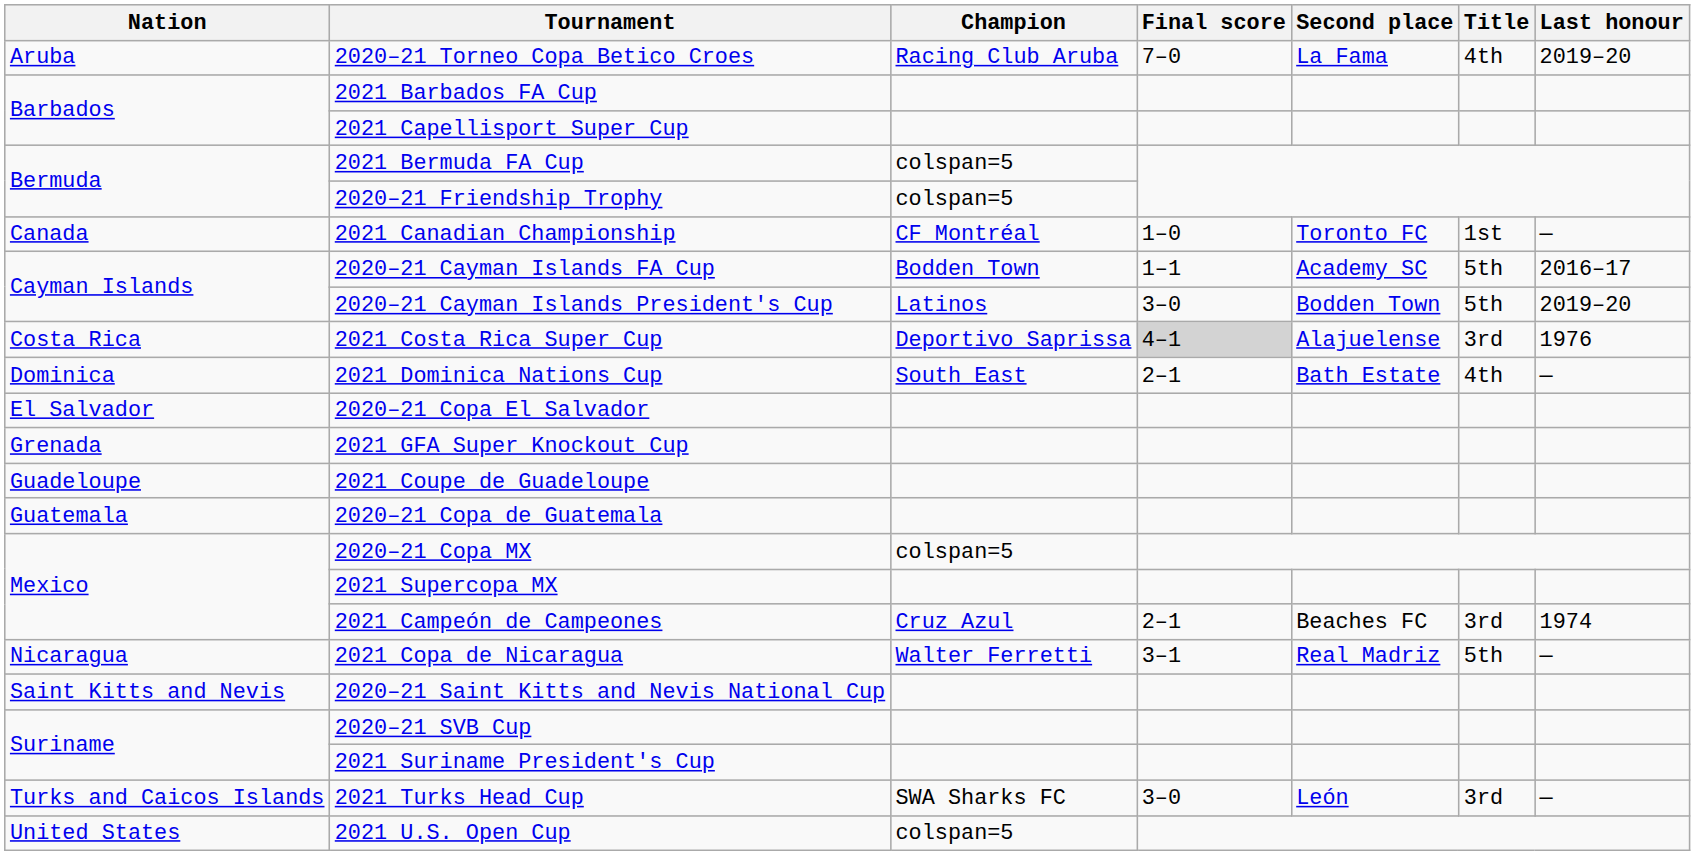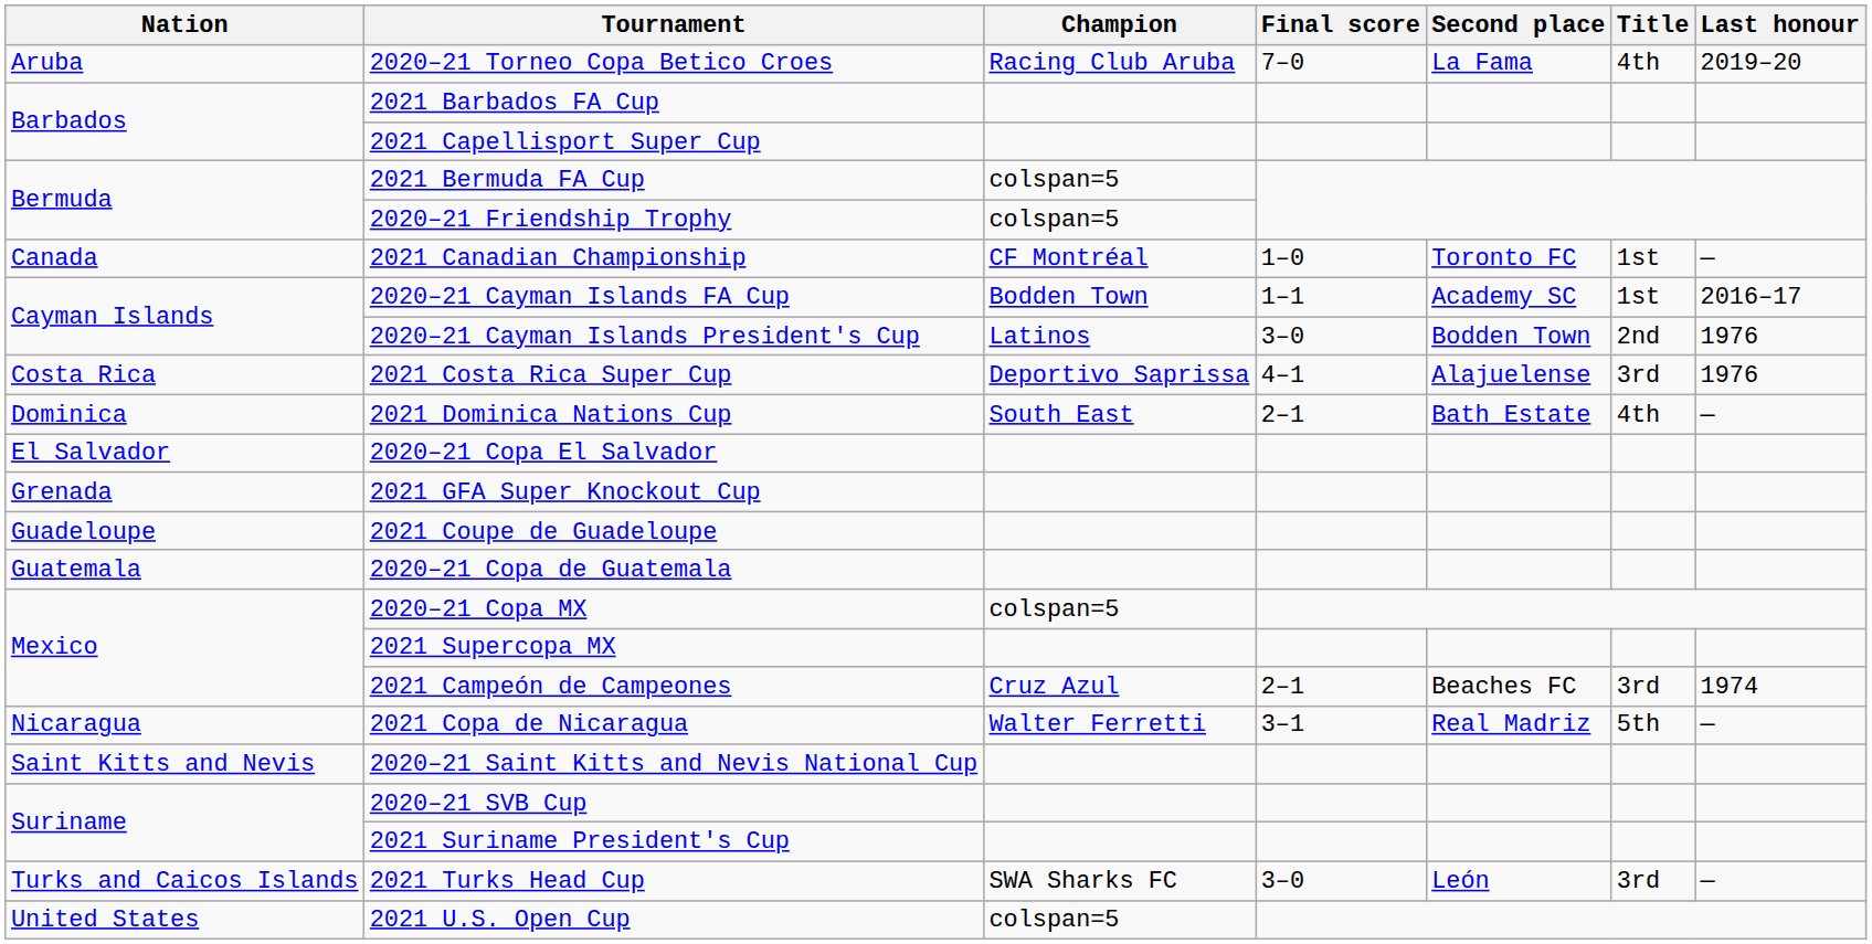 <table class=wikitable style="font-size:14px">
 <tr>
 <th>Nation</th>
 <th>Tournament</th>
 <th>Champion</th>
 <th>Final score</th>
 <th>Second place</th>
 <th data-sort-type="number">Title</th>
 <th>Last honour</th>
 </tr>
 <tr>
 <td> <a href='#'>Aruba</a></td>
 <td><a href='#'>2020–21 Torneo Copa Betico Croes</a></td>
 <td><a href='#'>Racing Club Aruba</a></td>
 <td>7–0</td>
 <td><a href='#'>La Fama</a></td>
 <td>4th</td>
 <td>2019–20</td>
 </tr>
 <tr>
 <td rowspan="2"> <a href='#'>Barbados</a></td>
 <td><a href='#'>2021 Barbados FA Cup</a></td>
 <td></td>
 <td></td>
 <td></td>
 <td></td>
 <td></td>
 </tr>
 <tr>
 <td><a href='#'>2021 Capellisport Super Cup</a></td>
 <td></td>
 <td></td>
 <td></td>
 <td></td>
 <td></td>
 </tr>
 <tr>
 <td rowspan="2"> <a href='#'>Bermuda</a></td>
 <td><a href='#'>2021 Bermuda FA Cup</a></td>
 <td>colspan=5 </td>
 </tr>
 <tr>
 <td><a href='#'>2020–21 Friendship Trophy</a></td>
 <td>colspan=5 </td>
 </tr>
 <tr>
 <td> <a href='#'>Canada</a></td>
 <td><a href='#'>2021 Canadian Championship</a></td>
 <td><a href='#'>CF Montréal</a></td>
 <td>1–0</td>
 <td><a href='#'>Toronto FC</a></td>
 <td>1st</td>
 <td>—</td>
 </tr>
 <tr>
 <td rowspan="2"> <a href='#'>Cayman Islands</a></td>
 <td><a href='#'>2020–21 Cayman Islands FA Cup</a></td>
 <td><a href='#'>Bodden Town</a></td>
 <td>1–1 </td>
 <td><a href='#'>Academy SC</a></td>
-<td>5th</td>
+<td>1st</td>
 <td>2016–17</td>
 </tr>
 <tr>
 <td><a href='#'>2020–21 Cayman Islands President's Cup</a></td>
 <td><a href='#'>Latinos</a></td>
 <td>3–0</td>
 <td><a href='#'>Bodden Town</a></td>
-<td>5th</td>
-<td>2019–20</td>
+<td>2nd</td>
+<td>1976</td>
 </tr>
 <tr>
 <td> <a href='#'>Costa Rica</a></td>
 <td><a href='#'>2021 Costa Rica Super Cup</a></td>
 <td><a href='#'>Deportivo Saprissa</a></td>
-<td style="background: lightgrey;">4–1</td>
+<td>4–1</td>
 <td><a href='#'>Alajuelense</a></td>
 <td>3rd</td>
 <td>1976</td>
 </tr>
 <tr>
 <td> <a href='#'>Dominica</a></td>
 <td><a href='#'>2021 Dominica Nations Cup</a></td>
 <td><a href='#'>South East</a></td>
 <td>2–1</td>
 <td><a href='#'>Bath Estate</a></td>
 <td>4th</td>
 <td>—</td>
 </tr>
 <tr>
 <td> <a href='#'>El Salvador</a></td>
 <td><a href='#'>2020–21 Copa El Salvador</a></td>
 <td></td>
 <td></td>
 <td></td>
 <td></td>
 <td></td>
 </tr>
 <tr>
 <td> <a href='#'>Grenada</a></td>
 <td><a href='#'>2021 GFA Super Knockout Cup</a></td>
 <td></td>
 <td></td>
 <td></td>
 <td></td>
 <td></td>
 </tr>
 <tr>
 <td> <a href='#'>Guadeloupe</a></td>
 <td><a href='#'>2021 Coupe de Guadeloupe</a></td>
 <td></td>
 <td></td>
 <td></td>
 <td></td>
 <td></td>
 </tr>
 <tr>
 <td> <a href='#'>Guatemala</a></td>
 <td><a href='#'>2020–21 Copa de Guatemala</a></td>
 <td></td>
 <td></td>
 <td></td>
 <td></td>
 <td></td>
 </tr>
 <tr>
 <td rowspan="3"> <a href='#'>Mexico</a></td>
 <td><a href='#'>2020–21 Copa MX</a></td>
 <td>colspan=5 </td>
 </tr>
 <tr>
 <td><a href='#'>2021 Supercopa MX</a></td>
 <td></td>
 <td></td>
 <td></td>
 <td></td>
 <td></td>
 </tr>
 <tr>
 <td><a href='#'>2021 Campeón de Campeones</a></td>
 <td><a href='#'>Cruz Azul</a></td>
 <td>2–1</td>
 <td>Beaches FC</td>
 <td>3rd</td>
 <td>1974</td>
 </tr>
 <tr>
 <td> <a href='#'>Nicaragua</a></td>
 <td><a href='#'>2021 Copa de Nicaragua</a></td>
 <td><a href='#'>Walter Ferretti</a></td>
 <td>3–1</td>
 <td><a href='#'>Real Madriz</a></td>
 <td>5th</td>
 <td>—</td>
 </tr>
 <tr>
 <td> <a href='#'>Saint Kitts and Nevis</a></td>
 <td><a href='#'>2020–21 Saint Kitts and Nevis National Cup</a></td>
 <td></td>
 <td></td>
 <td></td>
 <td></td>
 <td></td>
 </tr>
 <tr>
 <td rowspan="2"> <a href='#'>Suriname</a></td>
 <td><a href='#'>2020–21 SVB Cup</a></td>
 <td></td>
 <td></td>
 <td></td>
 <td></td>
 <td></td>
 </tr>
 <tr>
 <td><a href='#'>2021 Suriname President's Cup</a></td>
 <td></td>
 <td></td>
 <td></td>
 <td></td>
 <td></td>
 </tr>
 <tr>
 <td> <a href='#'>Turks and Caicos Islands</a></td>
 <td><a href='#'>2021 Turks Head Cup</a></td>
 <td>SWA Sharks FC</td>
 <td>3–0</td>
 <td><a href='#'>León</a></td>
 <td>3rd</td>
 <td>—</td>
 </tr>
 <tr>
 <td> <a href='#'>United States</a></td>
 <td><a href='#'>2021 U.S. Open Cup</a></td>
 <td>colspan=5 </td>
 </tr>
 </table>
